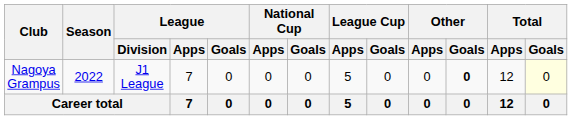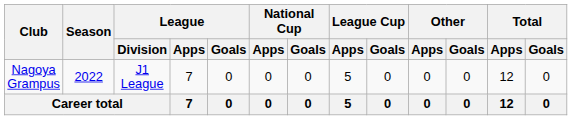 <table class="wikitable" style="text-align: center">
 <tr>
 <th rowspan="2">Club</th>
 <th rowspan="2">Season</th>
 <th colspan="3">League</th>
 <th colspan="2">National Cup</th>
 <th colspan="2">League Cup</th>
 <th colspan="2">Other</th>
 <th colspan="2">Total</th>
 </tr>
 <tr>
 <th>Division</th>
 <th>Apps</th>
 <th>Goals</th>
 <th>Apps</th>
 <th>Goals</th>
 <th>Apps</th>
 <th>Goals</th>
 <th>Apps</th>
 <th>Goals</th>
 <th>Apps</th>
 <th>Goals</th>
 </tr>
 <tr>
 <td><a href='#'>Nagoya Grampus</a></td>
 <td><a href='#'>2022</a></td>
 <td><a href='#'>J1 League</a></td>
 <td>7</td>
 <td>0</td>
 <td>0</td>
 <td>0</td>
 <td>5</td>
 <td>0</td>
 <td>0</td>
-<td><strong>0</strong></td>
+<td>0</td>
 <td>12</td>
-<td style="background: lightyellow;">0</td>
+<td>0</td>
 </tr>
 <tr>
 <th colspan=3>Career total</th>
 <th>7</th>
 <th>0</th>
 <th>0</th>
 <th>0</th>
 <th>5</th>
 <th>0</th>
 <th>0</th>
 <th>0</th>
 <th>12</th>
 <th>0</th>
 </tr>
 </table>
